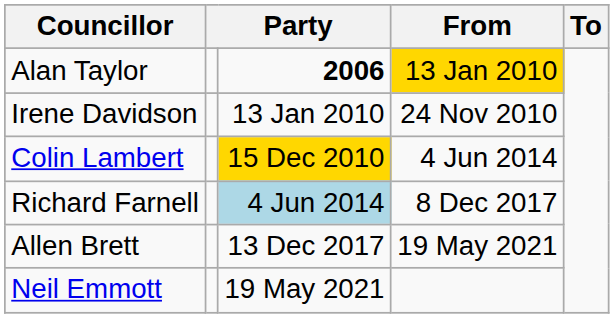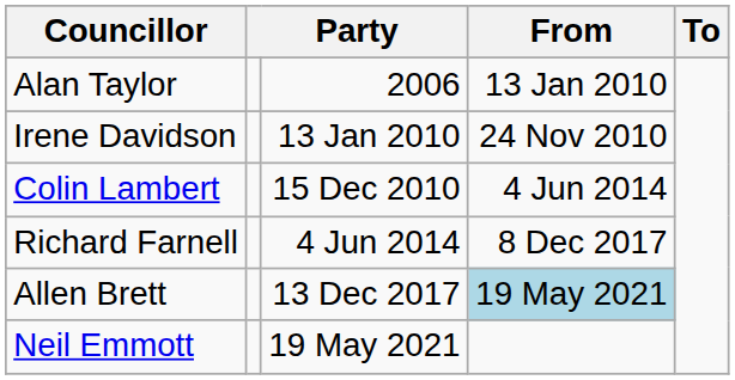 <table class=wikitable>
 <tr>
 <th>Councillor</th>
 <th colspan=2>Party</th>
 <th>From</th>
 <th>To</th>
 </tr>
 <tr>
 <td>Alan Taylor</td>
 <td></td>
-<td align=right><strong>2006</strong></td>
-<td align=right style="background: gold;">13 Jan 2010</td>
+<td align=right>2006</td>
+<td align=right>13 Jan 2010</td>
 </tr>
 <tr>
 <td>Irene Davidson</td>
 <td></td>
 <td align=right>13 Jan 2010</td>
 <td align=right>24 Nov 2010</td>
 </tr>
 <tr>
 <td><a href='#'>Colin Lambert</a></td>
 <td></td>
-<td align=right style="background: gold;">15 Dec 2010</td>
+<td align=right>15 Dec 2010</td>
 <td align=right>4 Jun 2014</td>
 </tr>
 <tr>
 <td>Richard Farnell</td>
 <td></td>
-<td align=right style="background: lightblue;">4 Jun 2014</td>
+<td align=right>4 Jun 2014</td>
 <td align=right>8 Dec 2017</td>
 </tr>
 <tr>
 <td>Allen Brett</td>
 <td></td>
 <td align=right>13 Dec 2017</td>
-<td align=right>19 May 2021</td>
+<td align=right style="background: lightblue;">19 May 2021</td>
 </tr>
 <tr>
 <td><a href='#'>Neil Emmott</a></td>
 <td></td>
 <td align=right>19 May 2021</td>
 <td align=right></td>
 </tr>
 </table>
